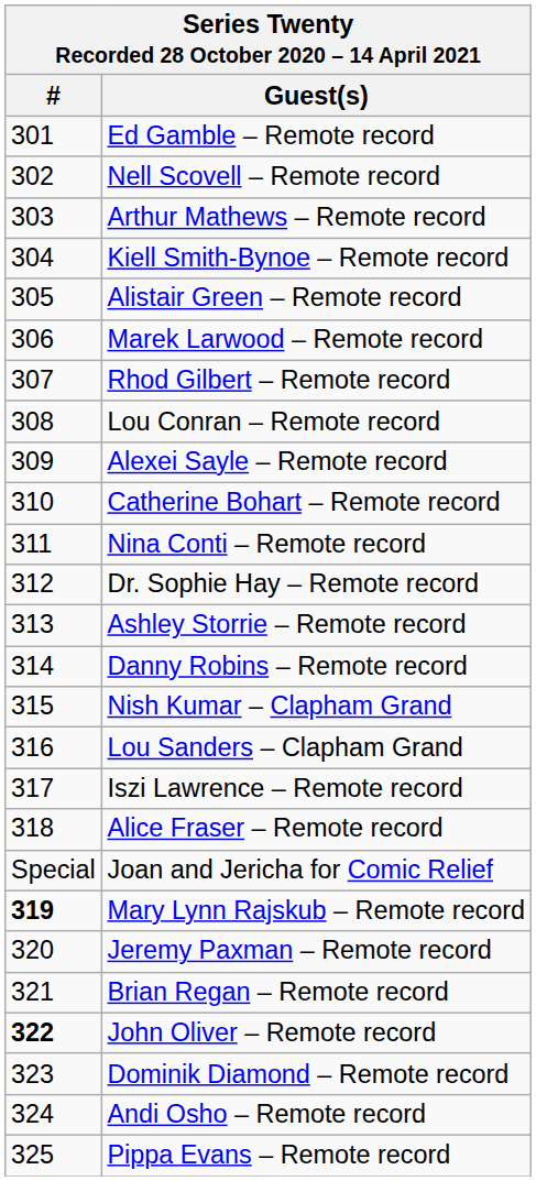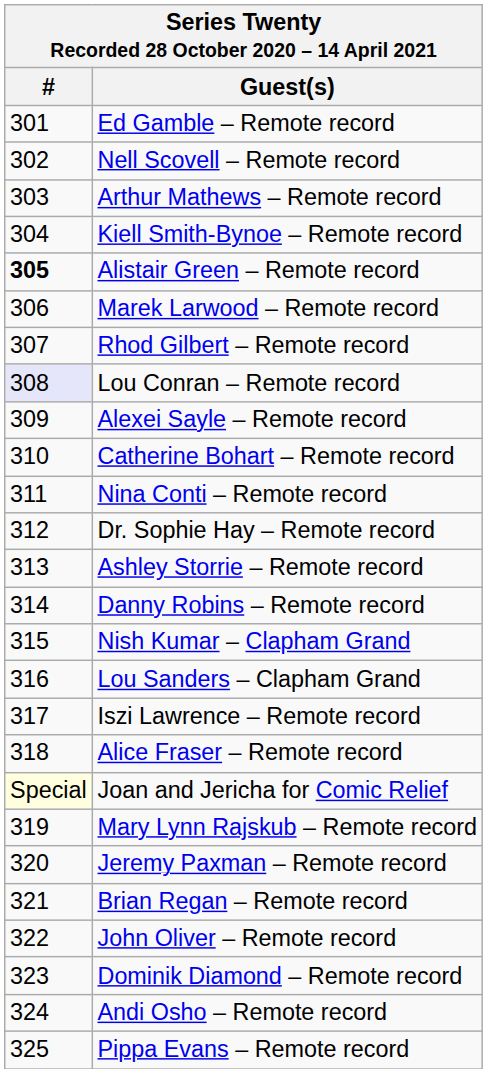 <table class="wikitable">
 <tr>
 <th colspan="3">Series Twenty<br><small>Recorded 28 October 2020 – 14 April 2021 </small></th>
 </tr>
 <tr>
 <th>#</th>
 <th>Guest(s)</th>
 </tr>
 <tr>
 <td>301</td>
 <td><a href='#'>Ed Gamble</a> – Remote record</td>
 </tr>
 <tr>
 <td>302</td>
 <td><a href='#'>Nell Scovell</a> – Remote record</td>
 </tr>
 <tr>
 <td>303</td>
 <td><a href='#'>Arthur Mathews</a> – Remote record</td>
 </tr>
 <tr>
 <td>304</td>
 <td><a href='#'>Kiell Smith-Bynoe</a> – Remote record</td>
 </tr>
 <tr>
-<td>305</td>
+<td><strong>305</strong></td>
 <td><a href='#'>Alistair Green</a> – Remote record</td>
 </tr>
 <tr>
 <td>306</td>
 <td><a href='#'>Marek Larwood</a> – Remote record</td>
 </tr>
 <tr>
 <td>307</td>
 <td><a href='#'>Rhod Gilbert</a> – Remote record</td>
 </tr>
 <tr>
-<td>308</td>
+<td style="background: lavender;">308</td>
 <td>Lou Conran – Remote record</td>
 </tr>
 <tr>
 <td>309</td>
 <td><a href='#'>Alexei Sayle</a> – Remote record</td>
 </tr>
 <tr>
 <td>310</td>
 <td><a href='#'>Catherine Bohart</a> – Remote record</td>
 </tr>
 <tr>
 <td>311</td>
 <td><a href='#'>Nina Conti</a> – Remote record</td>
 </tr>
 <tr>
 <td>312</td>
 <td>Dr. Sophie Hay – Remote record</td>
 </tr>
 <tr>
 <td>313</td>
 <td><a href='#'>Ashley Storrie</a> – Remote record</td>
 </tr>
 <tr>
 <td>314</td>
 <td><a href='#'>Danny Robins</a> – Remote record</td>
 </tr>
 <tr>
 <td>315</td>
 <td><a href='#'>Nish Kumar</a> – <a href='#'>Clapham Grand</a></td>
 </tr>
 <tr>
 <td>316</td>
 <td><a href='#'>Lou Sanders</a> – Clapham Grand</td>
 </tr>
 <tr>
 <td>317</td>
 <td>Iszi Lawrence – Remote record</td>
 </tr>
 <tr>
 <td>318</td>
 <td><a href='#'>Alice Fraser</a> – Remote record</td>
 </tr>
 <tr>
-<td>Special</td>
+<td style="background: lightyellow;">Special</td>
 <td>Joan and Jericha for <a href='#'>Comic Relief</a></td>
 </tr>
 <tr>
-<td><strong>319</strong></td>
+<td>319</td>
 <td><a href='#'>Mary Lynn Rajskub</a> – Remote record</td>
 </tr>
 <tr>
 <td>320</td>
 <td><a href='#'>Jeremy Paxman</a> – Remote record</td>
 </tr>
 <tr>
 <td>321</td>
 <td><a href='#'>Brian Regan</a> – Remote record</td>
 </tr>
 <tr>
-<td><strong>322</strong></td>
+<td>322</td>
 <td><a href='#'>John Oliver</a> – Remote record</td>
 </tr>
 <tr>
 <td>323</td>
 <td><a href='#'>Dominik Diamond</a> – Remote record</td>
 </tr>
 <tr>
 <td>324</td>
 <td><a href='#'>Andi Osho</a> – Remote record</td>
 </tr>
 <tr>
 <td>325</td>
 <td><a href='#'>Pippa Evans</a> – Remote record</td>
 </tr>
 </table>
